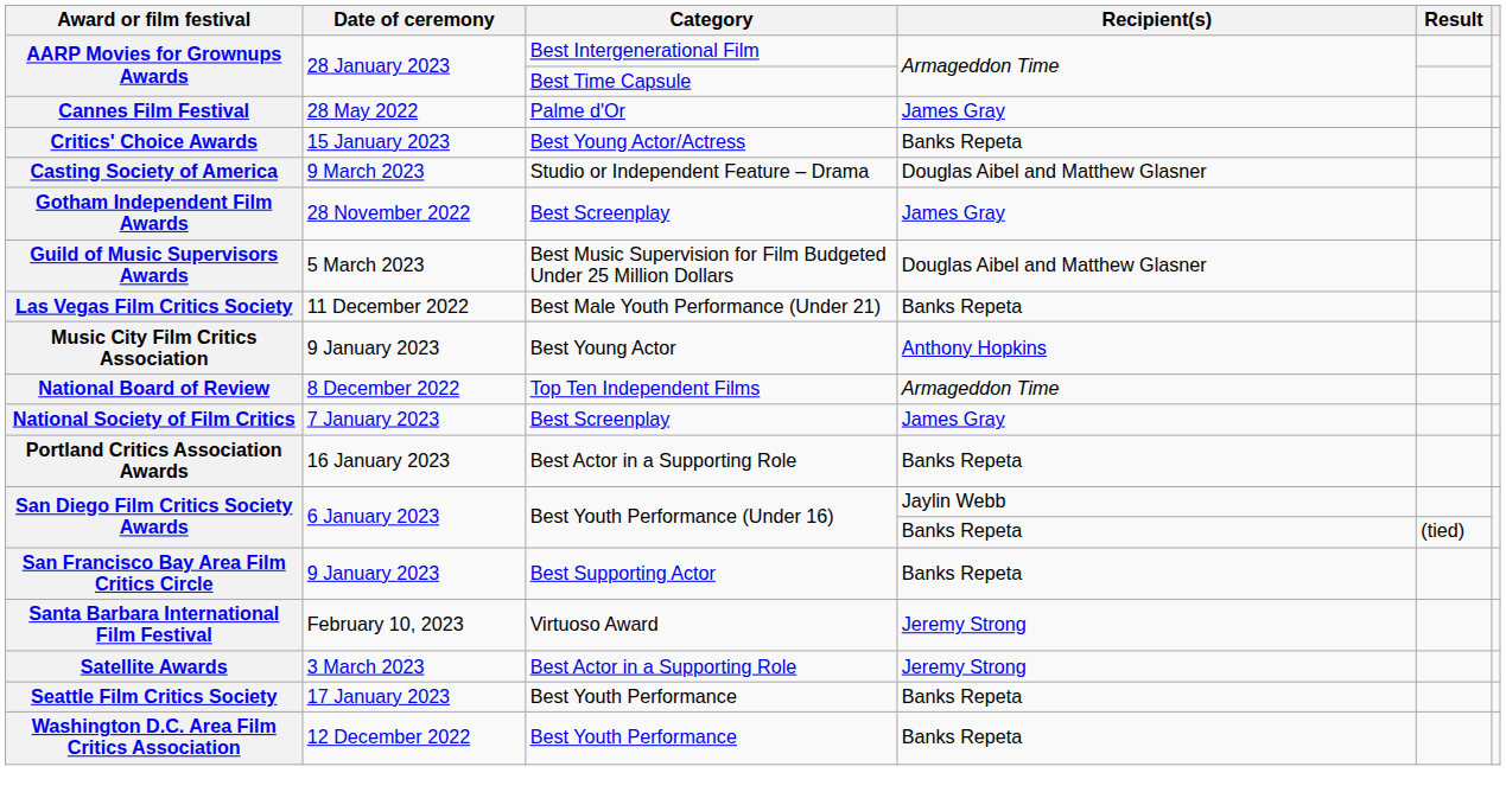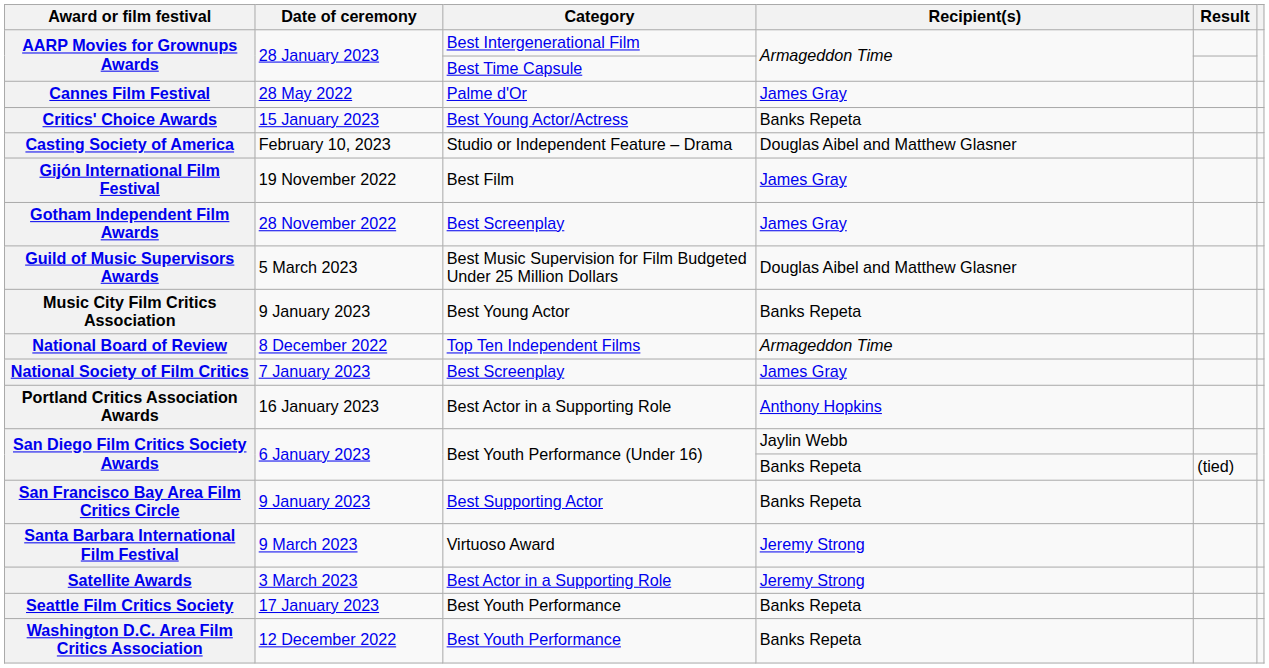 <table class="wikitable sortable plainrowheaders">
 <tr>
 <th scope="col" style="width:20%;">Award or film festival</th>
 <th scope="col" style="width:15%;">Date of ceremony</th>
 <th scope="col" style="width:25%;">Category</th>
 <th scope="col" style="width:35%;">Recipient(s)</th>
 <th scope="col" style="width:5%;">Result</th>
 <th scope="col" style="width:5%;" class="unsortable"></th>
 </tr>
 <tr>
 <th scope="row" rowspan="2"><a href='#'>AARP Movies for Grownups Awards</a></th>
 <td rowspan="2"><a href='#'>28 January 2023</a></td>
 <td><a href='#'>Best Intergenerational Film</a></td>
 <td rowspan="2"><em>Armageddon Time</em></td>
 <td></td>
 <td align="center" rowspan="2"></td>
 </tr>
 <tr>
 <td><a href='#'>Best Time Capsule</a></td>
 <td></td>
 </tr>
 <tr>
 <th scope="row"><a href='#'>Cannes Film Festival</a></th>
 <td><a href='#'>28 May 2022</a></td>
 <td><a href='#'>Palme d'Or</a></td>
 <td><a href='#'>James Gray</a></td>
 <td></td>
 <td align="center"></td>
 </tr>
 <tr>
 <th scope="row"><a href='#'>Critics' Choice Awards</a></th>
 <td><a href='#'>15 January 2023</a></td>
 <td><a href='#'>Best Young Actor/Actress</a></td>
 <td>Banks Repeta</td>
 <td></td>
 <td align="center"></td>
 </tr>
 <tr>
 <th scope="row"><a href='#'>Casting Society of America</a></th>
-<td><a href='#'>9 March 2023</a></td>
+<td>February 10, 2023</td>
 <td>Studio or Independent Feature – Drama</td>
 <td>Douglas Aibel and Matthew Glasner</td>
+<td></td>
+<td align="center"></td>
+</tr>
+<tr>
+<th scope="row"><a href='#'>Gijón International Film Festival</a></th>
+<td>19 November 2022</td>
+<td>Best Film</td>
+<td><a href='#'>James Gray</a></td>
 <td></td>
 <td align="center"></td>
 </tr>
 <tr>
 <th scope="row"><a href='#'>Gotham Independent Film Awards</a></th>
 <td><a href='#'>28 November 2022</a></td>
 <td><a href='#'>Best Screenplay</a></td>
 <td><a href='#'>James Gray</a></td>
 <td></td>
 <td align="center"></td>
 </tr>
 <tr>
 <th scope="row"><a href='#'>Guild of Music Supervisors Awards</a></th>
 <td>5 March 2023</td>
 <td>Best Music Supervision for Film Budgeted Under 25 Million Dollars</td>
 <td>Douglas Aibel and Matthew Glasner</td>
 <td></td>
 <td align="center"></td>
 </tr>
 <tr>
-<th scope="row"><a href='#'>Las Vegas Film Critics Society</a></th>
-<td>11 December 2022</td>
-<td>Best Male Youth Performance (Under 21)</td>
-<td>Banks Repeta</td>
-<td></td>
-<td align="center"></td>
-</tr>
-<tr>
 <th scope="row">Music City Film Critics Association</th>
 <td>9 January 2023</td>
 <td>Best Young Actor</td>
-<td><a href='#'>Anthony Hopkins</a></td>
+<td>Banks Repeta</td>
 <td></td>
 <td align="center"></td>
 </tr>
 <tr>
 <th scope="row"><a href='#'>National Board of Review</a></th>
 <td><a href='#'>8 December 2022</a></td>
 <td><a href='#'>Top Ten Independent Films</a></td>
 <td><em>Armageddon Time</em></td>
 <td></td>
 <td align="center"></td>
 </tr>
 <tr>
 <th scope="row"><a href='#'>National Society of Film Critics</a></th>
 <td><a href='#'>7 January 2023</a></td>
 <td><a href='#'>Best Screenplay</a></td>
 <td><a href='#'>James Gray</a></td>
 <td></td>
 <td align="center"></td>
 </tr>
 <tr>
 <th scope="row">Portland Critics Association Awards</th>
 <td>16 January 2023</td>
 <td>Best Actor in a Supporting Role</td>
-<td>Banks Repeta</td>
+<td><a href='#'>Anthony Hopkins</a></td>
 <td></td>
 <td align="center"></td>
 </tr>
 <tr>
 <th scope="row" rowspan="2"><a href='#'>San Diego Film Critics Society Awards</a></th>
 <td rowspan="2"><a href='#'>6 January 2023</a></td>
 <td rowspan="2">Best Youth Performance (Under 16)</td>
 <td>Jaylin Webb</td>
 <td></td>
 <td align="center" rowspan="2"></td>
 </tr>
 <tr>
 <td>Banks Repeta</td>
 <td> (tied)</td>
 </tr>
 <tr>
 <th scope="row"><a href='#'>San Francisco Bay Area Film Critics Circle</a></th>
 <td><a href='#'>9 January 2023</a></td>
 <td><a href='#'>Best Supporting Actor</a></td>
 <td>Banks Repeta</td>
 <td></td>
 <td align="center"></td>
 </tr>
 <tr>
 <th scope="row"><a href='#'>Santa Barbara International Film Festival</a></th>
-<td>February 10, 2023</td>
+<td><a href='#'>9 March 2023</a></td>
 <td>Virtuoso Award</td>
 <td><a href='#'>Jeremy Strong</a></td>
 <td></td>
 <td align="center"></td>
 </tr>
 <tr>
 <th scope="row"><a href='#'>Satellite Awards</a></th>
 <td><a href='#'>3 March 2023</a></td>
 <td><a href='#'>Best Actor in a Supporting Role</a></td>
 <td><a href='#'>Jeremy Strong</a></td>
 <td></td>
 <td align="center"></td>
 </tr>
 <tr>
 <th scope="row"><a href='#'>Seattle Film Critics Society</a></th>
 <td><a href='#'>17 January 2023</a></td>
 <td>Best Youth Performance</td>
 <td>Banks Repeta</td>
 <td></td>
 <td align="center"></td>
 </tr>
 <tr>
 <th scope="row"><a href='#'>Washington D.C. Area Film Critics Association</a></th>
 <td><a href='#'>12 December 2022</a></td>
 <td><a href='#'>Best Youth Performance</a></td>
 <td>Banks Repeta</td>
 <td></td>
 <td align="center"></td>
 </tr>
 </table>
